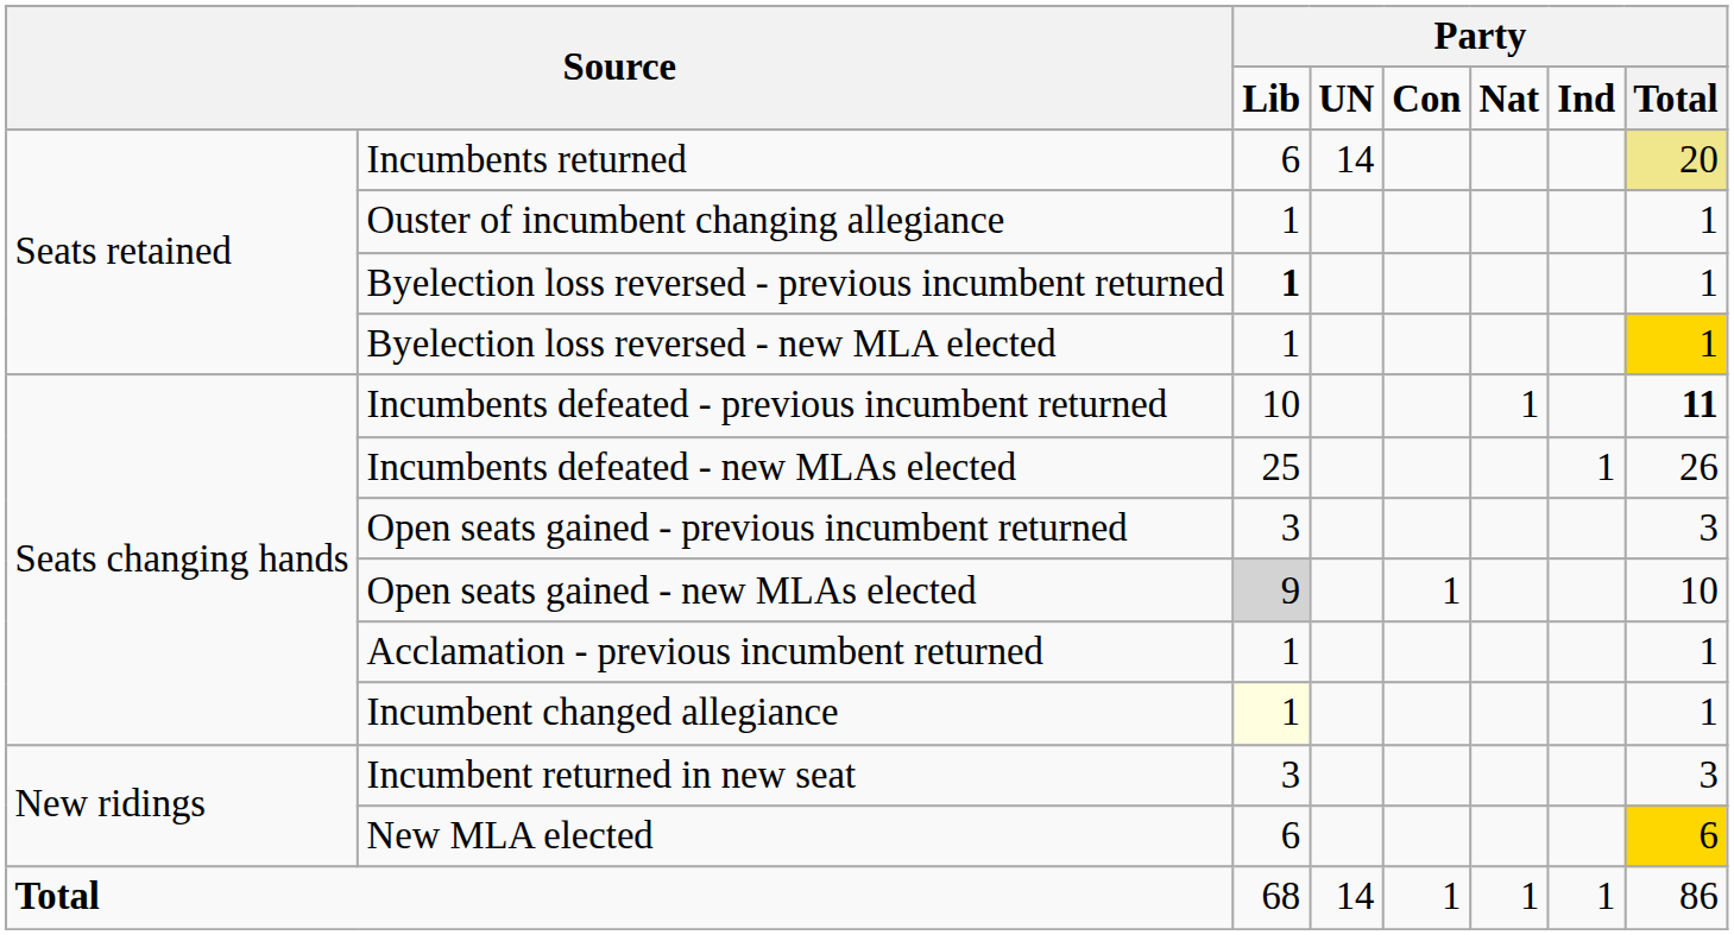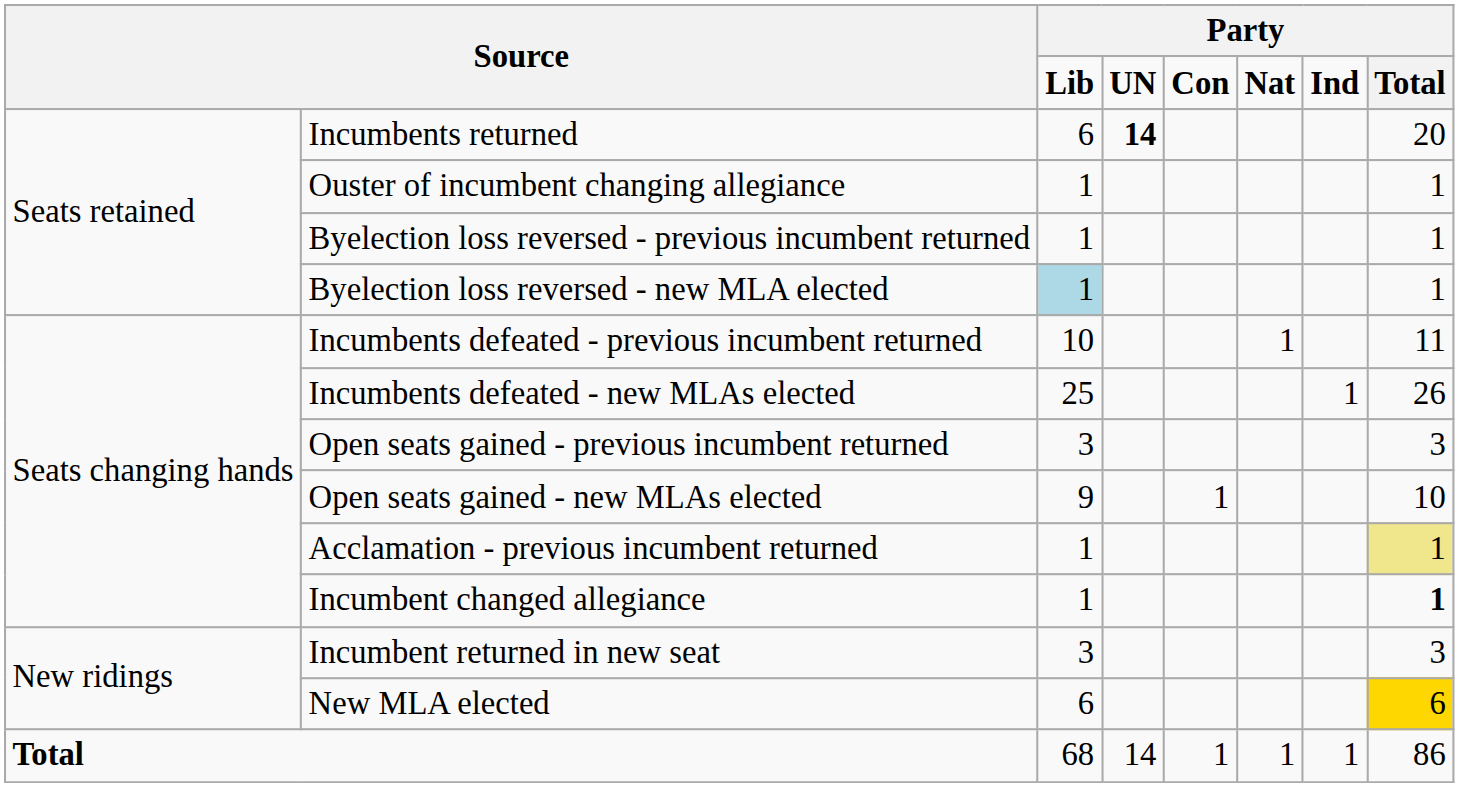 <table class="wikitable" style="text-align:right;">
 <tr>
 <th colspan="2" rowspan="2">Source</th>
 <th colspan="6">Party</th>
 </tr>
 <tr>
 <td><strong>Lib</strong></td>
 <td><strong>UN</strong></td>
 <td><strong>Con</strong></td>
 <td><strong>Nat</strong></td>
 <td><strong>Ind</strong></td>
 <th>Total</th>
 </tr>
 <tr>
 <td rowspan="4" style="text-align:left;">Seats retained</td>
 <td style="text-align:left;">Incumbents returned</td>
 <td>6</td>
-<td>14</td>
+<td><strong>14</strong></td>
 <td></td>
 <td></td>
 <td></td>
-<td style="background: khaki;">20</td>
+<td>20</td>
 </tr>
 <tr>
 <td style="text-align:left;">Ouster of incumbent changing allegiance</td>
 <td>1</td>
 <td></td>
 <td></td>
 <td></td>
 <td></td>
 <td>1</td>
 </tr>
 <tr>
 <td style="text-align:left;">Byelection loss reversed - previous incumbent returned</td>
-<td><strong>1</strong></td>
+<td>1</td>
 <td></td>
 <td></td>
 <td></td>
 <td></td>
 <td>1</td>
 </tr>
 <tr>
 <td style="text-align:left;">Byelection loss reversed - new MLA elected</td>
-<td>1</td>
+<td style="background: lightblue;">1</td>
 <td></td>
 <td></td>
 <td></td>
 <td></td>
-<td style="background: gold;">1</td>
+<td>1</td>
 </tr>
 <tr>
 <td rowspan="6" style="text-align:left;">Seats changing hands</td>
 <td style="text-align:left;">Incumbents defeated - previous incumbent returned</td>
 <td>10</td>
 <td></td>
 <td></td>
 <td>1</td>
 <td></td>
-<td><strong>11</strong></td>
+<td>11</td>
 </tr>
 <tr>
 <td style="text-align:left;">Incumbents defeated - new MLAs elected</td>
 <td>25</td>
 <td></td>
 <td></td>
 <td></td>
 <td>1</td>
 <td>26</td>
 </tr>
 <tr>
 <td style="text-align:left;">Open seats gained - previous incumbent returned</td>
 <td>3</td>
 <td></td>
 <td></td>
 <td></td>
 <td></td>
 <td>3</td>
 </tr>
 <tr>
 <td style="text-align:left;">Open seats gained - new MLAs elected</td>
-<td style="background: lightgrey;">9</td>
+<td>9</td>
 <td></td>
 <td>1</td>
 <td></td>
 <td></td>
 <td>10</td>
 </tr>
 <tr>
 <td style="text-align:left;">Acclamation - previous incumbent returned</td>
 <td>1</td>
 <td></td>
 <td></td>
 <td></td>
 <td></td>
-<td>1</td>
+<td style="background: khaki;">1</td>
 </tr>
 <tr>
 <td style="text-align:left;">Incumbent changed allegiance</td>
-<td style="background: lightyellow;">1</td>
+<td>1</td>
 <td></td>
 <td></td>
 <td></td>
 <td></td>
-<td>1</td>
+<td><strong>1</strong></td>
 </tr>
 <tr>
 <td rowspan="2" style="text-align:left;">New ridings</td>
 <td style="text-align:left;">Incumbent returned in new seat</td>
 <td>3</td>
 <td></td>
 <td></td>
 <td></td>
 <td></td>
 <td>3</td>
 </tr>
 <tr>
 <td style="text-align:left;">New MLA elected</td>
 <td>6</td>
 <td></td>
 <td></td>
 <td></td>
 <td></td>
 <td style="background: gold;">6</td>
 </tr>
 <tr>
 <td colspan="2" style="text-align:left;"><strong>Total</strong></td>
 <td>68</td>
 <td>14</td>
 <td>1</td>
 <td>1</td>
 <td>1</td>
 <td>86</td>
 </tr>
 </table>
